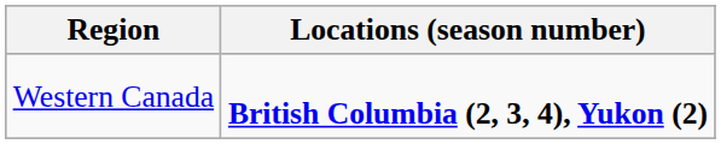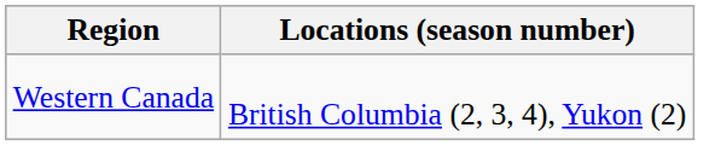 <table class="wikitable">
 <tr>
 <th>Region</th>
 <th>Locations (season number)</th>
 </tr>
 <tr>
 <td><a href='#'>Western Canada</a></td>
-<td><strong><br> <a href='#'>British Columbia</a> (2, 3, 4),  <a href='#'>Yukon</a> (2)</strong></td>
+<td><br> <a href='#'>British Columbia</a> (2, 3, 4),  <a href='#'>Yukon</a> (2)</td>
 </tr>
 </table>
